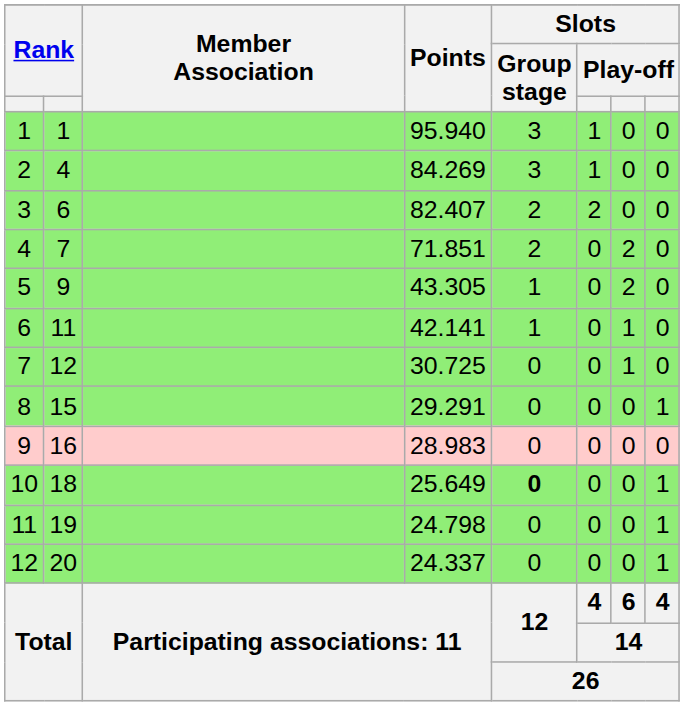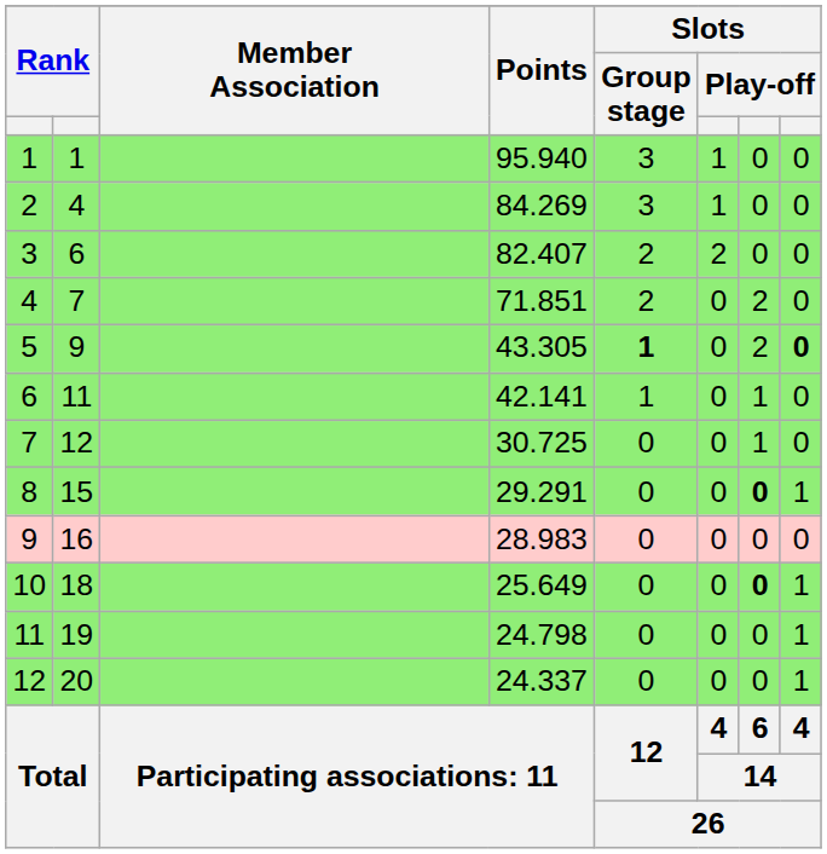 <table class="wikitable" style="text-align:center">
 <tr>
 </tr>
 <tr>
 <th colspan=2 rowspan=2><a href='#'>Rank</a></th>
 <th rowspan=3 width=200>Member<br>Association</th>
 <th rowspan=3>Points</th>
 <th colspan=4>Slots</th>
 </tr>
 <tr>
 <th rowspan=2>Group<br>stage</th>
 <th colspan=3>Play-off</th>
 </tr>
 <tr>
 <th></th>
 <th></th>
 <th></th>
 <th></th>
 <th></th>
 </tr>
 <tr bgcolor=#90ee77>
 <td>1</td>
 <td>1</td>
 <td align=left></td>
 <td>95.940</td>
 <td>3</td>
 <td>1</td>
 <td>0</td>
 <td>0</td>
 </tr>
 <tr bgcolor=#90ee77>
 <td>2</td>
 <td>4</td>
 <td align=left></td>
 <td>84.269</td>
 <td>3</td>
 <td>1</td>
 <td>0</td>
 <td>0</td>
 </tr>
 <tr bgcolor=#90ee77>
 <td>3</td>
 <td>6</td>
 <td align=left></td>
 <td>82.407</td>
 <td>2</td>
 <td>2</td>
 <td>0</td>
 <td>0</td>
 </tr>
 <tr bgcolor=#90ee77>
 <td>4</td>
 <td>7</td>
 <td align=left></td>
 <td>71.851</td>
 <td>2</td>
 <td>0</td>
 <td>2</td>
 <td>0</td>
 </tr>
 <tr bgcolor=#90ee77>
 <td>5</td>
 <td>9</td>
 <td align=left></td>
 <td>43.305</td>
-<td>1</td>
+<td><strong>1</strong></td>
 <td>0</td>
 <td>2</td>
-<td>0</td>
+<td><strong>0</strong></td>
 </tr>
 <tr bgcolor=#90ee77>
 <td>6</td>
 <td>11</td>
 <td align=left></td>
 <td>42.141</td>
 <td>1</td>
 <td>0</td>
 <td>1</td>
 <td>0</td>
 </tr>
 <tr bgcolor=#90ee77>
 <td>7</td>
 <td>12</td>
 <td align=left></td>
 <td>30.725</td>
 <td>0</td>
 <td>0</td>
 <td>1</td>
 <td>0</td>
 </tr>
 <tr bgcolor=#90ee77>
 <td>8</td>
 <td>15</td>
 <td align=left></td>
 <td>29.291</td>
 <td>0</td>
 <td>0</td>
-<td>0</td>
+<td><strong>0</strong></td>
 <td>1</td>
 </tr>
 <tr bgcolor=#ffcccc>
 <td>9</td>
 <td>16</td>
 <td align=left></td>
 <td>28.983</td>
 <td>0</td>
 <td>0</td>
 <td>0</td>
 <td>0</td>
 </tr>
 <tr bgcolor=#90ee77>
 <td>10</td>
 <td>18</td>
 <td align=left></td>
 <td>25.649</td>
-<td><strong>0</strong></td>
 <td>0</td>
 <td>0</td>
+<td><strong>0</strong></td>
 <td>1</td>
 </tr>
 <tr bgcolor=#90ee77>
 <td>11</td>
 <td>19</td>
 <td align=left></td>
 <td>24.798</td>
 <td>0</td>
 <td>0</td>
 <td>0</td>
 <td>1</td>
 </tr>
 <tr bgcolor=#90ee77>
 <td>12</td>
 <td>20</td>
 <td align=left></td>
 <td>24.337</td>
 <td>0</td>
 <td>0</td>
 <td>0</td>
 <td>1</td>
 </tr>
 <tr>
 <th colspan=2 rowspan=3>Total</th>
 <th colspan=2 rowspan=3>Participating associations: 11</th>
 <th rowspan=2>12</th>
 <th>4</th>
 <th>6</th>
 <th>4</th>
 </tr>
 <tr>
 <th colspan=3>14</th>
 </tr>
 <tr>
 <th colspan=4>26</th>
 </tr>
 </table>
